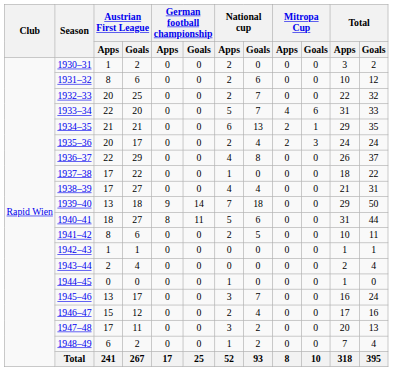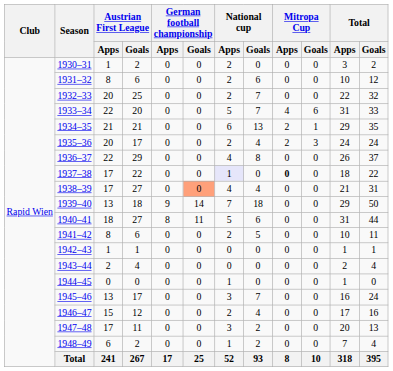 <table class="wikitable" style="text-align:center">
 <tr>
 <th rowspan="2">Club</th>
 <th rowspan="2">Season</th>
 <th colspan="2"><a href='#'>Austrian First League</a></th>
 <th colspan="2"><a href='#'>German football championship</a></th>
 <th colspan="2">National cup</th>
 <th colspan="2"><a href='#'>Mitropa Cup</a></th>
 <th colspan="2">Total</th>
 </tr>
 <tr>
 <th width="40">Apps</th>
 <th width="40">Goals</th>
 <th width="40">Apps</th>
 <th width="40">Goals</th>
 <th width="40">Apps</th>
 <th width="40">Goals</th>
 <th width="40">Apps</th>
 <th width="40">Goals</th>
 <th width="40">Apps</th>
 <th width="40">Goals</th>
 </tr>
 <tr>
 <td rowspan="20"><a href='#'>Rapid Wien</a></td>
 <td><a href='#'>1930–31</a></td>
 <td>1</td>
 <td>2</td>
 <td>0</td>
 <td>0</td>
 <td>2</td>
 <td>0</td>
 <td>0</td>
 <td>0</td>
 <td>3</td>
 <td>2</td>
 </tr>
 <tr>
 <td><a href='#'>1931–32</a></td>
 <td>8</td>
 <td>6</td>
 <td>0</td>
 <td>0</td>
 <td>2</td>
 <td>6</td>
 <td>0</td>
 <td>0</td>
 <td>10</td>
 <td>12</td>
 </tr>
 <tr>
 <td><a href='#'>1932–33</a></td>
 <td>20</td>
 <td>25</td>
 <td>0</td>
 <td>0</td>
 <td>2</td>
 <td>7</td>
 <td>0</td>
 <td>0</td>
 <td>22</td>
 <td>32</td>
 </tr>
 <tr>
 <td><a href='#'>1933–34</a></td>
 <td>22</td>
 <td>20</td>
 <td>0</td>
 <td>0</td>
 <td>5</td>
 <td>7</td>
 <td>4</td>
 <td>6</td>
 <td>31</td>
 <td>33</td>
 </tr>
 <tr>
 <td><a href='#'>1934–35</a></td>
 <td>21</td>
 <td>21</td>
 <td>0</td>
 <td>0</td>
 <td>6</td>
 <td>13</td>
 <td>2</td>
 <td>1</td>
 <td>29</td>
 <td>35</td>
 </tr>
 <tr>
 <td><a href='#'>1935–36</a></td>
 <td>20</td>
 <td>17</td>
 <td>0</td>
 <td>0</td>
 <td>2</td>
 <td>4</td>
 <td>2</td>
 <td>3</td>
 <td>24</td>
 <td>24</td>
 </tr>
 <tr>
 <td><a href='#'>1936–37</a></td>
 <td>22</td>
 <td>29</td>
 <td>0</td>
 <td>0</td>
 <td>4</td>
 <td>8</td>
 <td>0</td>
 <td>0</td>
 <td>26</td>
 <td>37</td>
 </tr>
 <tr>
 <td><a href='#'>1937–38</a></td>
 <td>17</td>
 <td>22</td>
 <td>0</td>
 <td>0</td>
-<td>1</td>
+<td style="background: lavender;">1</td>
 <td>0</td>
-<td>0</td>
+<td><strong>0</strong></td>
 <td>0</td>
 <td>18</td>
 <td>22</td>
 </tr>
 <tr>
 <td><a href='#'>1938–39</a></td>
 <td>17</td>
 <td>27</td>
 <td>0</td>
-<td>0</td>
+<td style="background: lightsalmon;">0</td>
 <td>4</td>
 <td>4</td>
 <td>0</td>
 <td>0</td>
 <td>21</td>
 <td>31</td>
 </tr>
 <tr>
 <td><a href='#'>1939–40</a></td>
 <td>13</td>
 <td>18</td>
 <td>9</td>
 <td>14</td>
 <td>7</td>
 <td>18</td>
 <td>0</td>
 <td>0</td>
 <td>29</td>
 <td>50</td>
 </tr>
 <tr>
 <td><a href='#'>1940–41</a></td>
 <td>18</td>
 <td>27</td>
 <td>8</td>
 <td>11</td>
 <td>5</td>
 <td>6</td>
 <td>0</td>
 <td>0</td>
 <td>31</td>
 <td>44</td>
 </tr>
 <tr>
 <td><a href='#'>1941–42</a></td>
 <td>8</td>
 <td>6</td>
 <td>0</td>
 <td>0</td>
 <td>2</td>
 <td>5</td>
 <td>0</td>
 <td>0</td>
 <td>10</td>
 <td>11</td>
 </tr>
 <tr>
 <td><a href='#'>1942–43</a></td>
 <td>1</td>
 <td>1</td>
 <td>0</td>
 <td>0</td>
 <td>0</td>
 <td>0</td>
 <td>0</td>
 <td>0</td>
 <td>1</td>
 <td>1</td>
 </tr>
 <tr>
 <td><a href='#'>1943–44</a></td>
 <td>2</td>
 <td>4</td>
 <td>0</td>
 <td>0</td>
 <td>0</td>
 <td>0</td>
 <td>0</td>
 <td>0</td>
 <td>2</td>
 <td>4</td>
 </tr>
 <tr>
 <td><a href='#'>1944–45</a></td>
 <td>0</td>
 <td>0</td>
 <td>0</td>
 <td>0</td>
 <td>1</td>
 <td>0</td>
 <td>0</td>
 <td>0</td>
 <td>1</td>
 <td>0</td>
 </tr>
 <tr>
 <td><a href='#'>1945–46</a></td>
 <td>13</td>
 <td>17</td>
 <td>0</td>
 <td>0</td>
 <td>3</td>
 <td>7</td>
 <td>0</td>
 <td>0</td>
 <td>16</td>
 <td>24</td>
 </tr>
 <tr>
 <td><a href='#'>1946–47</a></td>
 <td>15</td>
 <td>12</td>
 <td>0</td>
 <td>0</td>
 <td>2</td>
 <td>4</td>
 <td>0</td>
 <td>0</td>
 <td>17</td>
 <td>16</td>
 </tr>
 <tr>
 <td><a href='#'>1947–48</a></td>
 <td>17</td>
 <td>11</td>
 <td>0</td>
 <td>0</td>
 <td>3</td>
 <td>2</td>
 <td>0</td>
 <td>0</td>
 <td>20</td>
 <td>13</td>
 </tr>
 <tr>
 <td><a href='#'>1948–49</a></td>
 <td>6</td>
 <td>2</td>
 <td>0</td>
 <td>0</td>
 <td>1</td>
 <td>2</td>
 <td>0</td>
 <td>0</td>
 <td>7</td>
 <td>4</td>
 </tr>
 <tr>
 <th>Total</th>
 <th>241</th>
 <th>267</th>
 <th>17</th>
 <th>25</th>
 <th>52</th>
 <th>93</th>
 <th>8</th>
 <th>10</th>
 <th>318</th>
 <th>395</th>
 </tr>
 </table>
